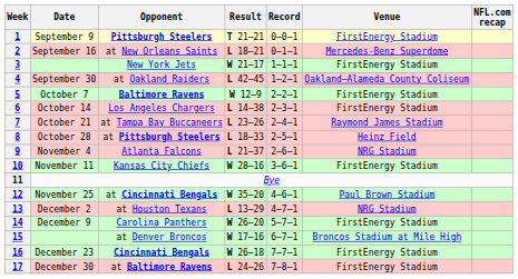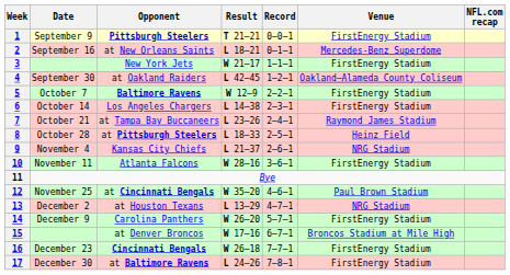 <table class="wikitable" style="text-align:center">
 <tr>
 <th>Week</th>
 <th>Date</th>
 <th>Opponent</th>
 <th>Result</th>
 <th>Record</th>
 <th>Venue</th>
 <th>NFL.com<br>recap</th>
 </tr>
 <tr style="background:#ffc">
 <th><a href='#'>1</a></th>
 <td>September 9</td>
 <td><strong><a href='#'>Pittsburgh Steelers</a></strong></td>
 <td><strong>T</strong> 21–21 </td>
 <td>0–0–1</td>
 <td><a href='#'>FirstEnergy Stadium</a></td>
 <td></td>
 </tr>
 <tr style="background:#fcc">
 <th><a href='#'>2</a></th>
 <td>September 16</td>
 <td>at <a href='#'>New Orleans Saints</a></td>
 <td><strong>L</strong> 18–21</td>
 <td>0–1–1</td>
 <td><a href='#'>Mercedes-Benz Superdome</a></td>
 <td></td>
 </tr>
 <tr style="background:#cfc">
 <th><a href='#'>3</a></th>
 <td></td>
 <td><a href='#'>New York Jets</a></td>
 <td><strong>W</strong> 21–17</td>
 <td>1–1–1</td>
 <td>FirstEnergy Stadium</td>
 <td></td>
 </tr>
 <tr style="background:#fcc">
 <th><a href='#'>4</a></th>
 <td>September 30</td>
 <td>at <a href='#'>Oakland Raiders</a></td>
 <td><strong>L</strong> 42–45 </td>
 <td>1–2–1</td>
 <td><a href='#'>Oakland–Alameda County Coliseum</a></td>
 <td></td>
 </tr>
 <tr style="background:#cfc">
 <th><a href='#'>5</a></th>
 <td>October 7</td>
 <td><strong><a href='#'>Baltimore Ravens</a></strong></td>
 <td><strong>W</strong> 12–9 </td>
 <td>2–2–1</td>
 <td>FirstEnergy Stadium</td>
 <td></td>
 </tr>
 <tr style="background:#fcc">
 <th><a href='#'>6</a></th>
 <td>October 14</td>
 <td><a href='#'>Los Angeles Chargers</a></td>
 <td><strong>L</strong> 14–38</td>
 <td>2–3–1</td>
 <td>FirstEnergy Stadium</td>
 <td></td>
 </tr>
 <tr style="background:#fcc">
 <th><a href='#'>7</a></th>
 <td>October 21</td>
 <td>at <a href='#'>Tampa Bay Buccaneers</a></td>
 <td><strong>L</strong> 23–26 </td>
 <td>2–4–1</td>
 <td><a href='#'>Raymond James Stadium</a></td>
 <td></td>
 </tr>
 <tr style="background:#fcc">
 <th><a href='#'>8</a></th>
 <td>October 28</td>
 <td>at <strong><a href='#'>Pittsburgh Steelers</a></strong></td>
 <td><strong>L</strong> 18–33</td>
 <td>2–5–1</td>
 <td><a href='#'>Heinz Field</a></td>
 <td></td>
 </tr>
 <tr style="background:#fcc">
 <th><a href='#'>9</a></th>
 <td>November 4</td>
-<td><a href='#'>Atlanta Falcons</a></td>
+<td><a href='#'>Kansas City Chiefs</a></td>
 <td><strong>L</strong> 21–37</td>
 <td>2–6–1</td>
 <td><a href='#'>NRG Stadium</a></td>
 <td></td>
 </tr>
 <tr style="background:#cfc">
 <th><a href='#'>10</a></th>
 <td>November 11</td>
-<td><a href='#'>Kansas City Chiefs</a></td>
+<td><a href='#'>Atlanta Falcons</a></td>
 <td><strong>W</strong> 28–16</td>
 <td>3–6–1</td>
 <td>FirstEnergy Stadium</td>
 <td></td>
 </tr>
 <tr>
 <th>11</th>
 <td colspan="6"><em><a href='#'>Bye</a></em></td>
 </tr>
 <tr style="background:#cfc">
 <th><a href='#'>12</a></th>
 <td>November 25</td>
 <td>at <strong><a href='#'>Cincinnati Bengals</a></strong></td>
 <td><strong>W</strong> 35–20</td>
 <td>4–6–1</td>
 <td><a href='#'>Paul Brown Stadium</a></td>
 <td></td>
 </tr>
 <tr style="background:#fcc">
 <th><a href='#'>13</a></th>
 <td>December 2</td>
 <td>at <a href='#'>Houston Texans</a></td>
 <td><strong>L</strong> 13–29</td>
 <td>4–7–1</td>
 <td><a href='#'>NRG Stadium</a></td>
 <td></td>
 </tr>
 <tr style="background:#cfc">
 <th><a href='#'>14</a></th>
 <td>December 9</td>
 <td><a href='#'>Carolina Panthers</a></td>
 <td><strong>W</strong> 26–20</td>
 <td>5–7–1</td>
 <td>FirstEnergy Stadium</td>
 <td></td>
 </tr>
 <tr style="background:#cfc">
 <th><a href='#'>15</a></th>
 <td></td>
 <td>at <a href='#'>Denver Broncos</a></td>
 <td><strong>W</strong> 17–16</td>
 <td>6–7–1</td>
 <td><a href='#'>Broncos Stadium at Mile High</a></td>
 <td></td>
 </tr>
 <tr style="background:#cfc">
 <th><a href='#'>16</a></th>
 <td>December 23</td>
 <td><strong><a href='#'>Cincinnati Bengals</a></strong></td>
 <td><strong>W</strong> 26–18</td>
 <td>7–7–1</td>
 <td>FirstEnergy Stadium</td>
 <td></td>
 </tr>
 <tr style="background:#fcc">
 <th><a href='#'>17</a></th>
 <td>December 30</td>
 <td>at <strong><a href='#'>Baltimore Ravens</a></strong></td>
 <td><strong>L</strong> 24–26</td>
 <td>7–8–1</td>
 <td>FirstEnergy Stadium</td>
 <td></td>
 </tr>
 </table>
